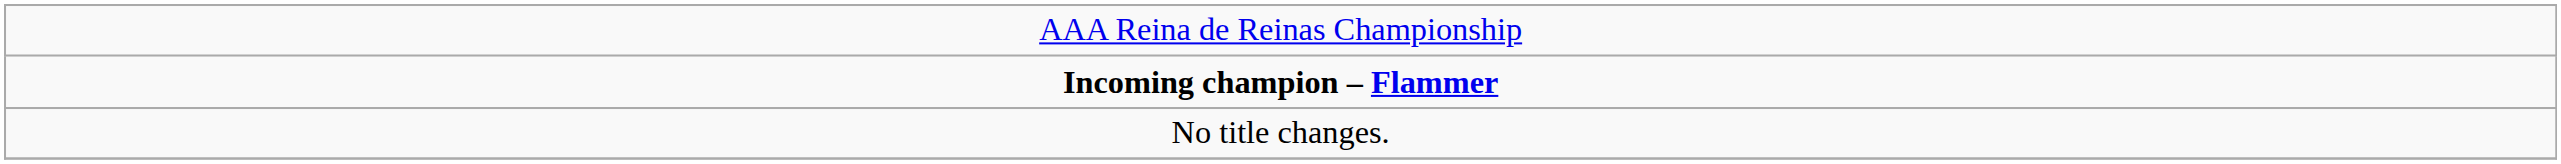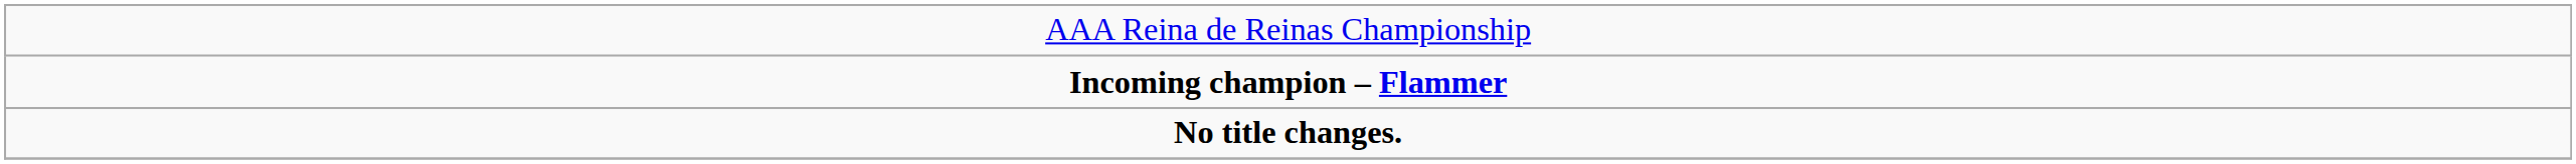 <table class="wikitable" style="text-align:center; width:100%;">
 <tr>
 <td colspan="4" style="text-align: center;"><a href='#'>AAA Reina de Reinas Championship</a></td>
 </tr>
 <tr>
 <td colspan="4" style="text-align: center;"><strong>Incoming champion – <a href='#'>Flammer</a></strong></td>
 </tr>
 <tr>
-<td>No title changes.</td>
+<td><strong>No title changes.</strong></td>
 </tr>
 <tr>
 </tr>
 </table>
